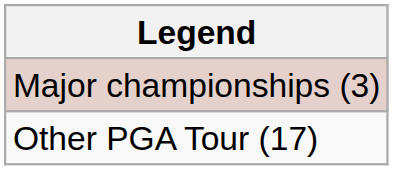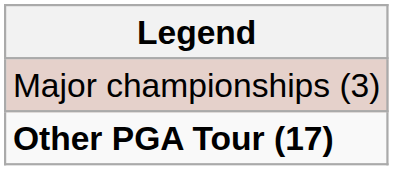 <table class="wikitable" style="font-size:95%;">
 <tr>
 <th>Legend</th>
 </tr>
 <tr style="background:#e5d1cb;">
 <td>Major championships (3)</td>
 </tr>
 <tr>
-<td>Other PGA Tour (17)</td>
+<td><strong>Other PGA Tour (17)</strong></td>
 </tr>
 </table>
